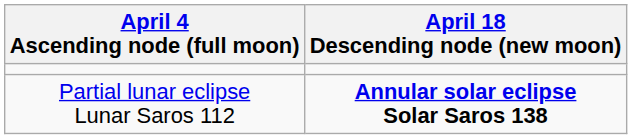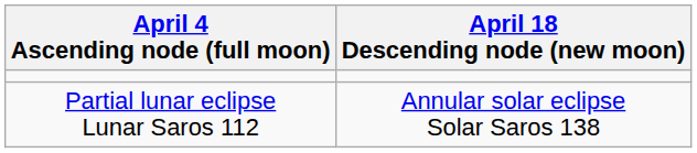 <table class="wikitable">
 <tr>
 <th><a href='#'>April 4</a><br>Ascending node (full moon)<br></th>
 <th><a href='#'>April 18</a><br>Descending node (new moon)<br></th>
 </tr>
 <tr>
 <td></td>
 <td></td>
 </tr>
 <tr align=center>
 <td><a href='#'>Partial lunar eclipse</a><br>Lunar Saros 112</td>
-<td><strong><a href='#'>Annular solar eclipse</a><br>Solar Saros 138</strong></td>
+<td><a href='#'>Annular solar eclipse</a><br>Solar Saros 138</td>
 </tr>
 </table>
